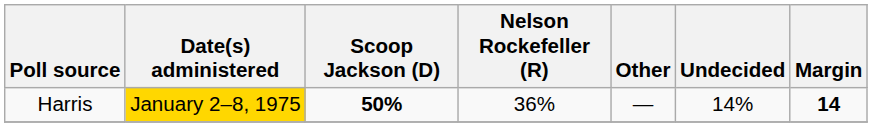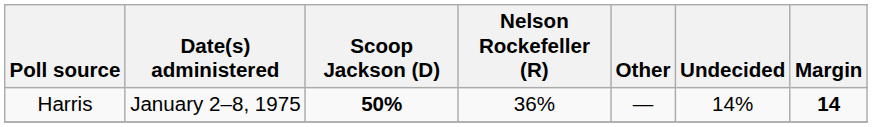 <table class="wikitable sortable" style="text-align:center;font-size:90%;line-height:17px">
 <tr valign= bottom>
 <th>Poll source</th>
 <th>Date(s)<br>administered</th>
 <th class="unsortable" style="width:100px;">Scoop<br>Jackson (D)</th>
 <th class="unsortable" style="width:100px;">Nelson<br>Rockefeller (R)</th>
 <th class="unsortable">Other</th>
 <th class="unsortable">Undecided</th>
 <th>Margin</th>
 </tr>
 <tr>
 <td align="center">Harris</td>
-<td style="background: gold;">January 2–8, 1975</td>
+<td>January 2–8, 1975</td>
 <td><strong>50%</strong></td>
 <td align="center">36%</td>
 <td align="center">—</td>
 <td align="center">14%</td>
 <td><strong>14</strong></td>
 </tr>
 <tr>
 </tr>
 </table>
